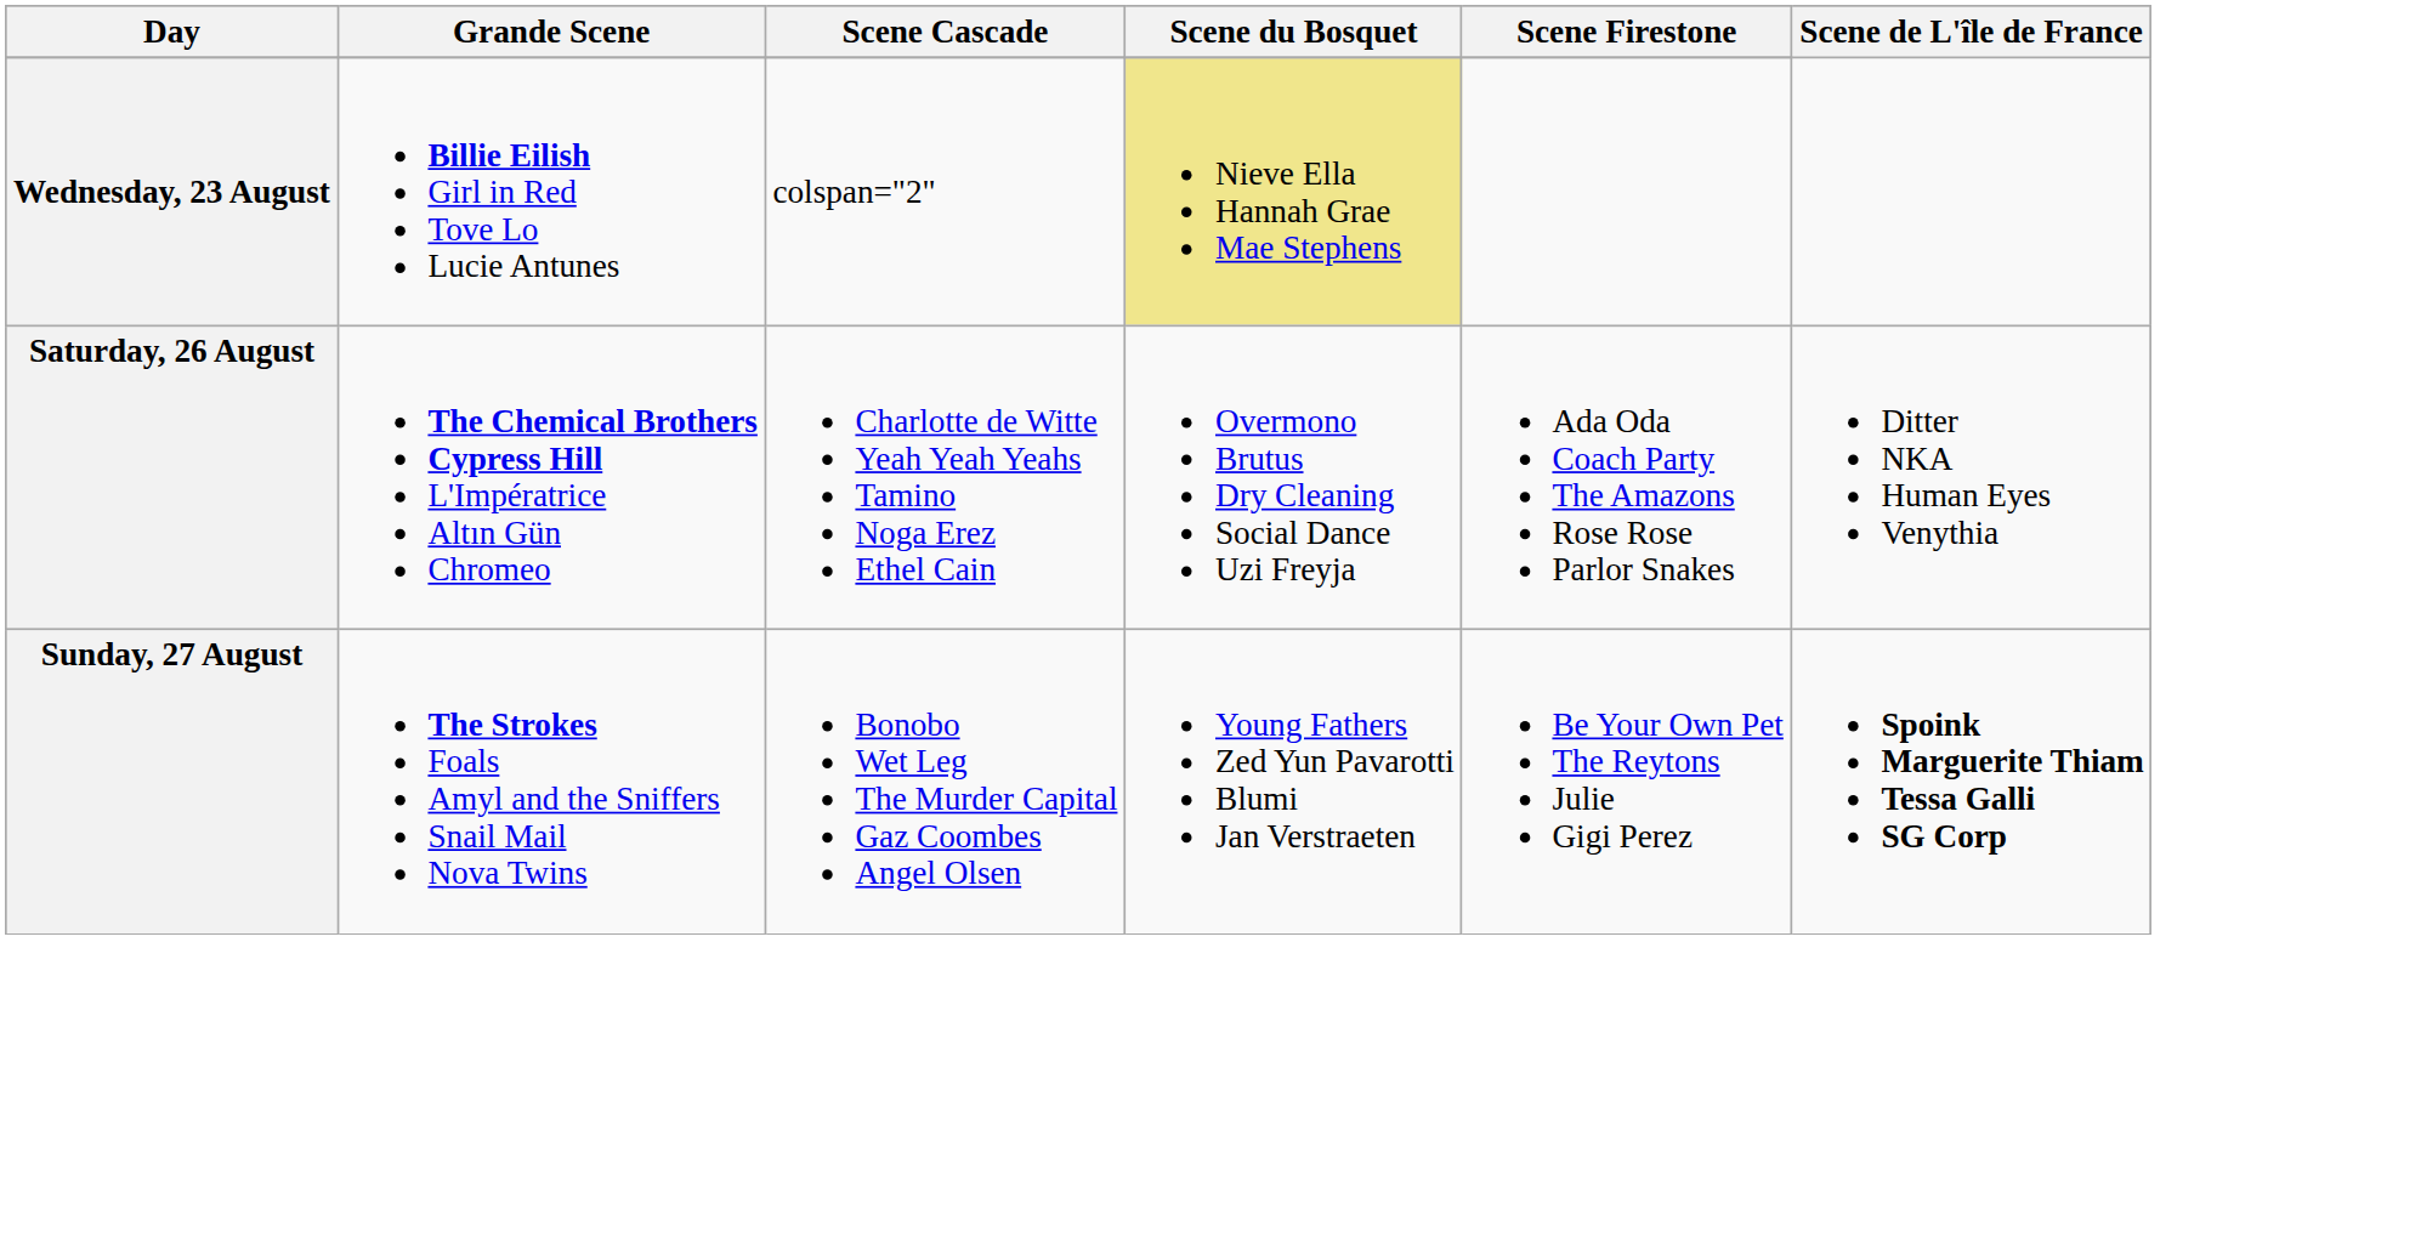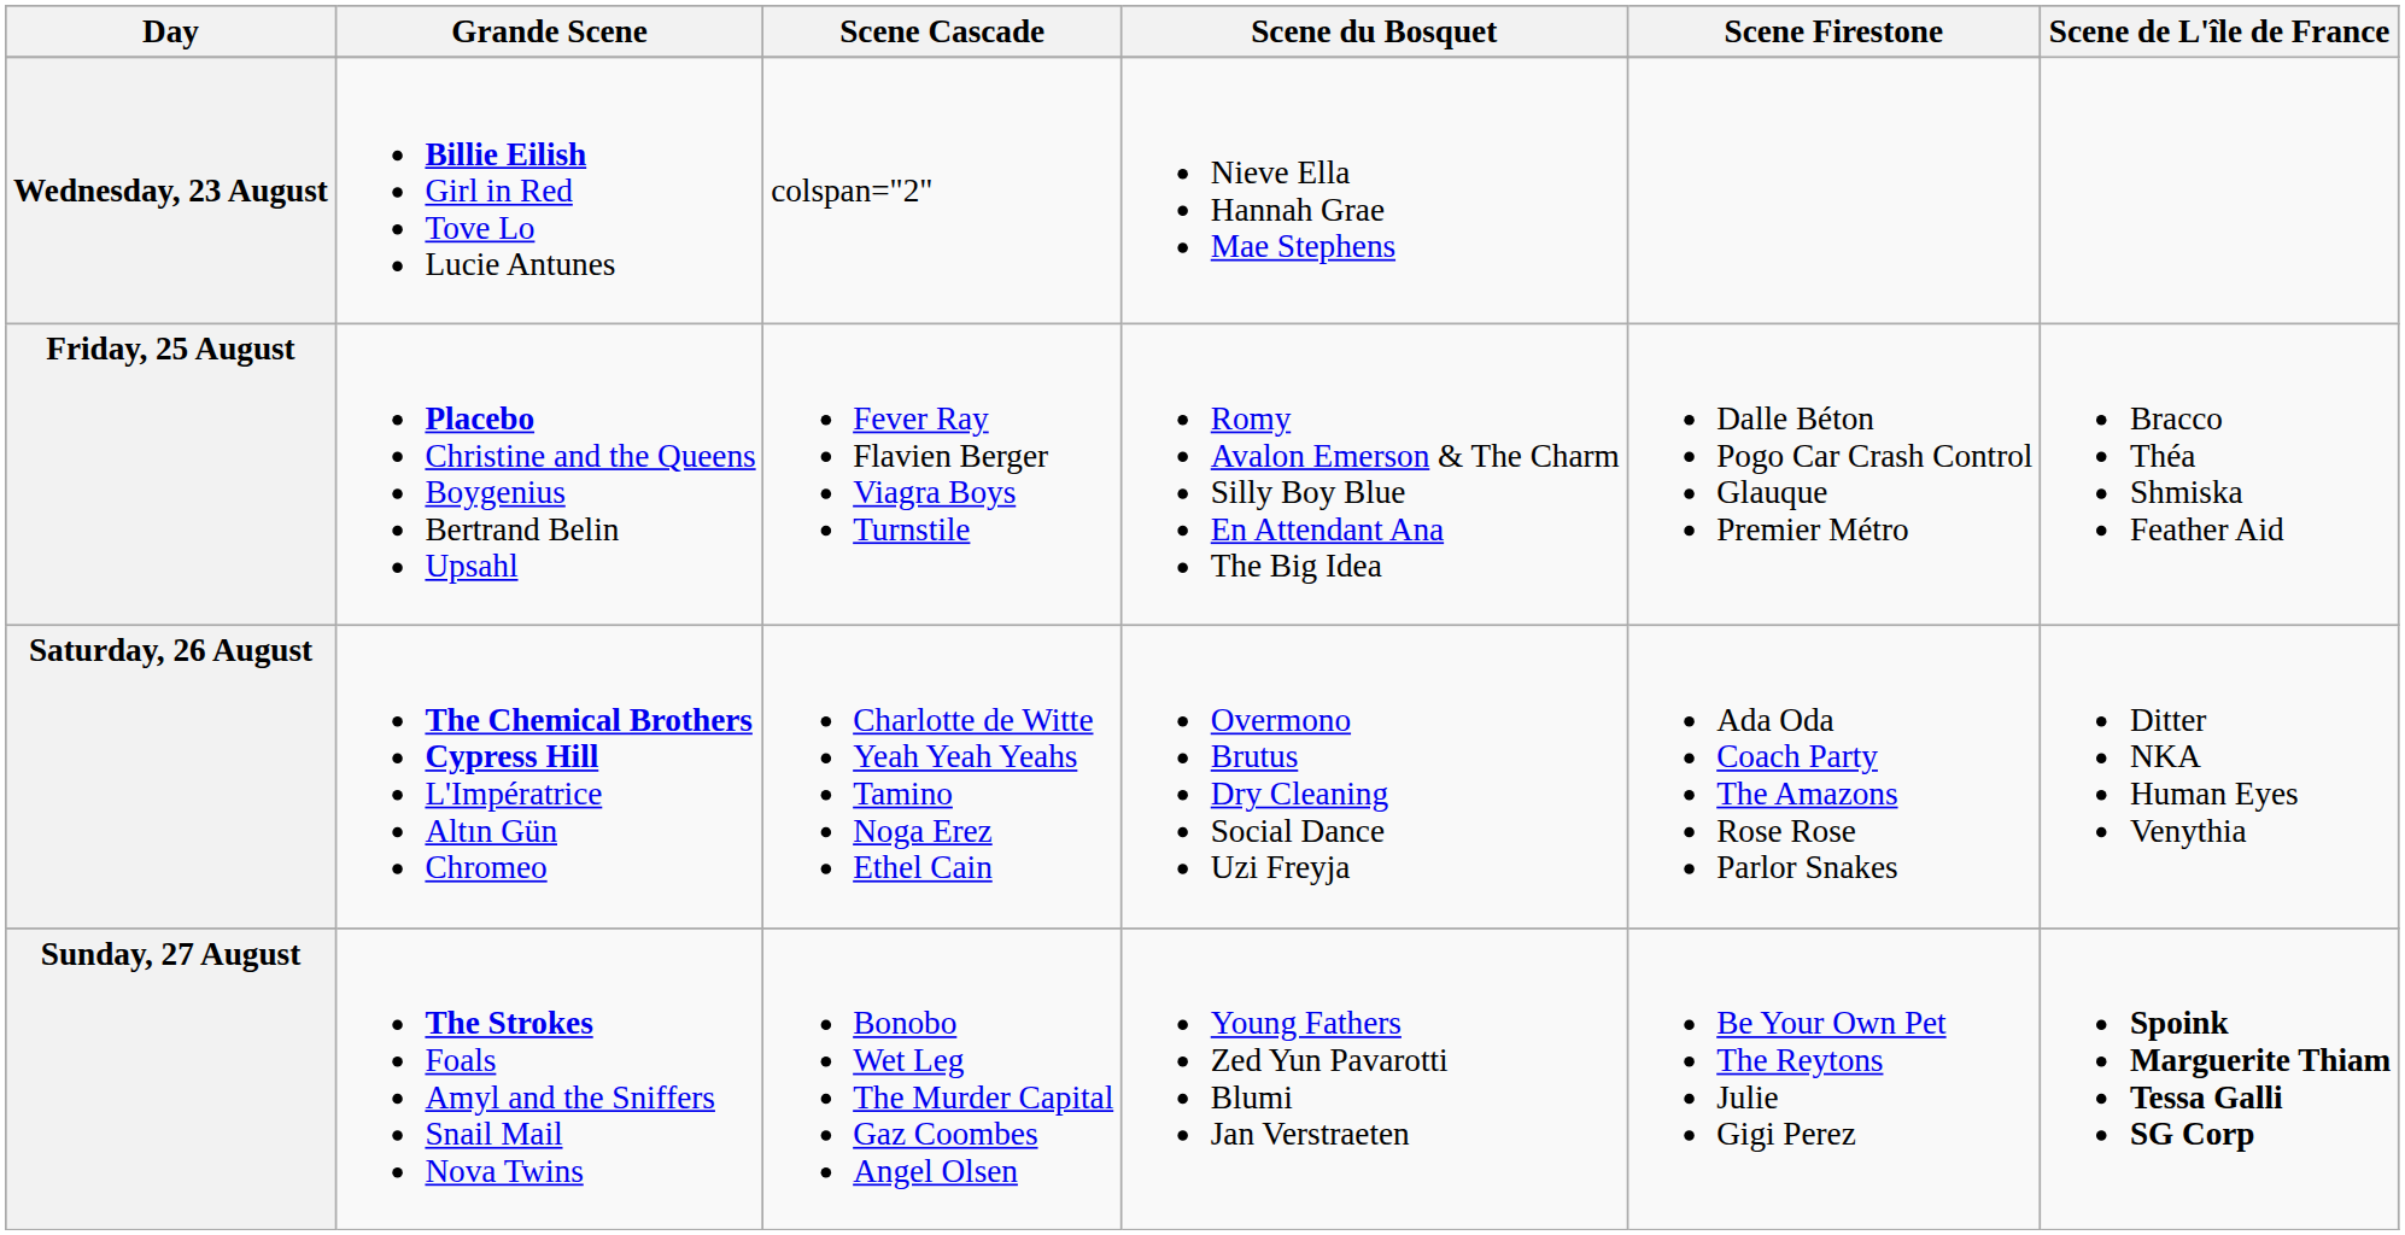 <table class="wikitable plainrowheaders">
 <tr>
 <th>Day</th>
 <th>Grande Scene</th>
 <th>Scene Cascade</th>
 <th>Scene du Bosquet</th>
 <th>Scene Firestone</th>
 <th>Scene de L'île de France</th>
 </tr>
 <tr valign="top">
 </tr>
 <tr>
 <th scope="row">Wednesday, 23 August</th>
 <td><br><ul><li><strong><a href='#'>Billie Eilish</a></strong></li><li><a href='#'>Girl in Red</a></li><li><a href='#'>Tove Lo</a></li><li>Lucie Antunes</li></ul></td>
 <td>colspan="2" </td>
-<td style="background: khaki;"><br><ul><li>Nieve Ella</li><li>Hannah Grae</li><li><a href='#'>Mae Stephens</a></li></ul></td>
+<td><br><ul><li>Nieve Ella</li><li>Hannah Grae</li><li><a href='#'>Mae Stephens</a></li></ul></td>
 <td></td>
+</tr>
+<tr valign="top">
+<th scope="row">Friday, 25 August</th>
+<td><br><ul><li><strong><a href='#'>Placebo</a></strong></li><li><a href='#'>Christine and the Queens</a></li><li><a href='#'>Boygenius</a></li><li>Bertrand Belin</li><li><a href='#'>Upsahl</a></li></ul></td>
+<td><br><ul><li><a href='#'>Fever Ray</a></li><li>Flavien Berger</li><li><a href='#'>Viagra Boys</a></li><li><a href='#'>Turnstile</a></li></ul></td>
+<td><br><ul><li><a href='#'>Romy</a></li><li><a href='#'>Avalon Emerson</a> & The Charm</li><li>Silly Boy Blue</li><li><a href='#'>En Attendant Ana</a></li><li>The Big Idea</li></ul></td>
+<td><br><ul><li>Dalle Béton</li><li>Pogo Car Crash Control</li><li>Glauque</li><li>Premier Métro</li></ul></td>
+<td><br><ul><li>Bracco</li><li>Théa</li><li>Shmiska</li><li>Feather Aid</li></ul></td>
 </tr>
 <tr valign="top">
 <th scope="row">Saturday, 26 August</th>
 <td><br><ul><li><strong><a href='#'>The Chemical Brothers</a></strong></li><li><strong><a href='#'>Cypress Hill</a></strong></li><li><a href='#'>L'Impératrice</a></li><li><a href='#'>Altın Gün</a></li><li><a href='#'>Chromeo</a></li></ul></td>
 <td><br><ul><li><a href='#'>Charlotte de Witte</a></li><li><a href='#'>Yeah Yeah Yeahs</a></li><li><a href='#'>Tamino</a></li><li><a href='#'>Noga Erez</a></li><li><a href='#'>Ethel Cain</a></li></ul></td>
 <td><br><ul><li><a href='#'>Overmono</a></li><li><a href='#'>Brutus</a></li><li><a href='#'>Dry Cleaning</a></li><li>Social Dance</li><li>Uzi Freyja</li></ul></td>
 <td><br><ul><li>Ada Oda</li><li><a href='#'>Coach Party</a></li><li><a href='#'>The Amazons</a></li><li>Rose Rose</li><li>Parlor Snakes</li></ul></td>
 <td><br><ul><li>Ditter</li><li>NKA</li><li>Human Eyes</li><li>Venythia</li></ul></td>
 </tr>
 <tr valign="top">
 <th scope="row">Sunday, 27 August</th>
 <td><br><ul><li><strong><a href='#'>The Strokes</a></strong></li><li><a href='#'>Foals</a></li><li><a href='#'>Amyl and the Sniffers</a></li><li><a href='#'>Snail Mail</a></li><li><a href='#'>Nova Twins</a></li></ul></td>
 <td><br><ul><li><a href='#'>Bonobo</a></li><li><a href='#'>Wet Leg</a></li><li><a href='#'>The Murder Capital</a></li><li><a href='#'>Gaz Coombes</a></li><li><a href='#'>Angel Olsen</a></li></ul></td>
 <td><br><ul><li><a href='#'>Young Fathers</a></li><li>Zed Yun Pavarotti</li><li>Blumi</li><li>Jan Verstraeten</li></ul></td>
 <td><br><ul><li><a href='#'>Be Your Own Pet</a></li><li><a href='#'>The Reytons</a></li><li>Julie</li><li>Gigi Perez</li></ul></td>
 <td><strong><br><ul><li>Spoink</li><li>Marguerite Thiam</li><li>Tessa Galli</li><li>SG Corp</li></ul></strong></td>
 </tr>
 </table>
